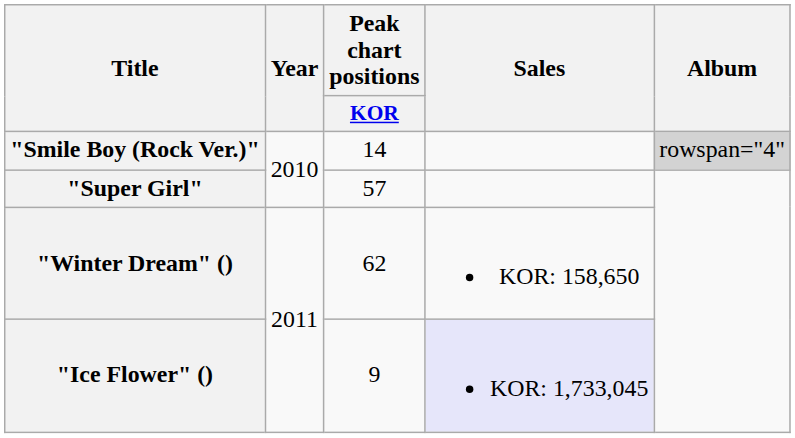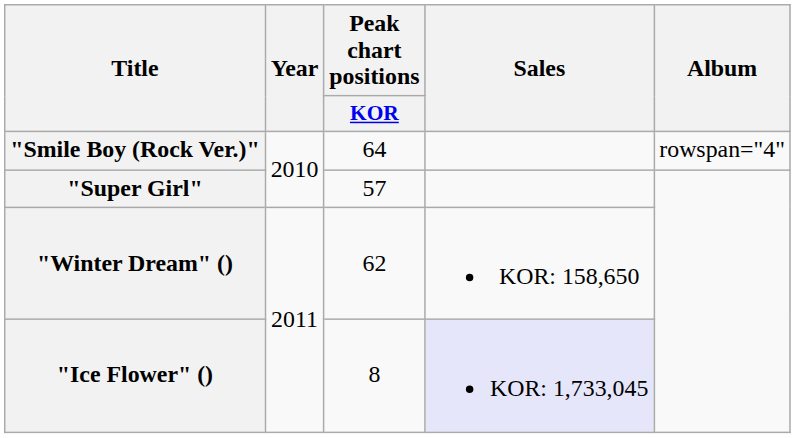 <table class="wikitable plainrowheaders" style="text-align:center;">
 <tr>
 <th scope="col" rowspan="2">Title</th>
 <th scope="col" rowspan="2">Year</th>
 <th scope="col">Peak chart positions</th>
 <th rowspan="2">Sales</th>
 <th scope="col" rowspan="2">Album</th>
 </tr>
 <tr>
 <th scope="col" style="width:3em;font-size:90%;"><a href='#'>KOR</a><br></th>
 </tr>
 <tr>
 <th scope="row">"Smile Boy (Rock Ver.)"<br></th>
 <td rowspan="2">2010</td>
-<td>14</td>
+<td>64</td>
 <td></td>
-<td style="background: lightgrey;">rowspan="4" </td>
+<td>rowspan="4" </td>
 </tr>
 <tr>
 <th scope="row">"Super Girl"<br></th>
 <td>57</td>
 <td></td>
 </tr>
 <tr>
 <th scope="row">"Winter Dream" ()<br></th>
 <td rowspan="2">2011</td>
 <td>62</td>
 <td><br><ul><li>KOR: 158,650</li></ul></td>
 </tr>
 <tr>
 <th scope="row">"Ice Flower" ()<br></th>
-<td>9</td>
+<td>8</td>
 <td style="background: lavender;"><br><ul><li>KOR: 1,733,045</li></ul></td>
 </tr>
 </table>
